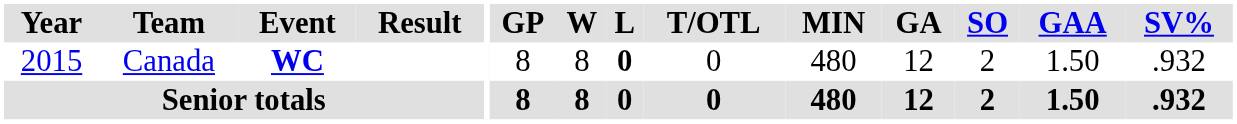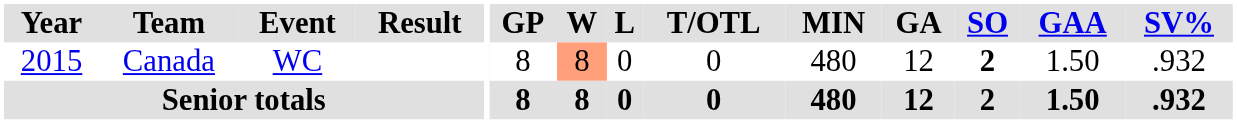 <table border="0" cellpadding="1" cellspacing="0" ID="Table3" style="text-align:center; width:40em;">
 <tr bgcolor="#e0e0e0">
 <th>Year</th>
 <th>Team</th>
 <th>Event</th>
 <th>Result</th>
 <th rowspan="99" bgcolor="#ffffff"></th>
 <th>GP</th>
 <th>W</th>
 <th>L</th>
 <th>T/OTL</th>
 <th>MIN</th>
 <th>GA</th>
 <th><a href='#'>SO</a></th>
 <th><a href='#'>GAA</a></th>
 <th><a href='#'>SV%</a></th>
 </tr>
 <tr>
 <td><a href='#'>2015</a></td>
 <td><a href='#'>Canada</a></td>
-<td><strong><a href='#'>WC</a></strong></td>
+<td><a href='#'>WC</a></td>
 <td></td>
 <td>8</td>
-<td>8</td>
-<td><strong>0</strong></td>
+<td style="background: lightsalmon;">8</td>
+<td>0</td>
 <td>0</td>
 <td>480</td>
 <td>12</td>
-<td>2</td>
+<td><strong>2</strong></td>
 <td>1.50</td>
 <td>.932</td>
 </tr>
 <tr bgcolor="#e0e0e0">
 <th colspan="4">Senior totals</th>
 <th>8</th>
 <th>8</th>
 <th>0</th>
 <th>0</th>
 <th>480</th>
 <th>12</th>
 <th>2</th>
 <th>1.50</th>
 <th>.932</th>
 </tr>
 </table>
